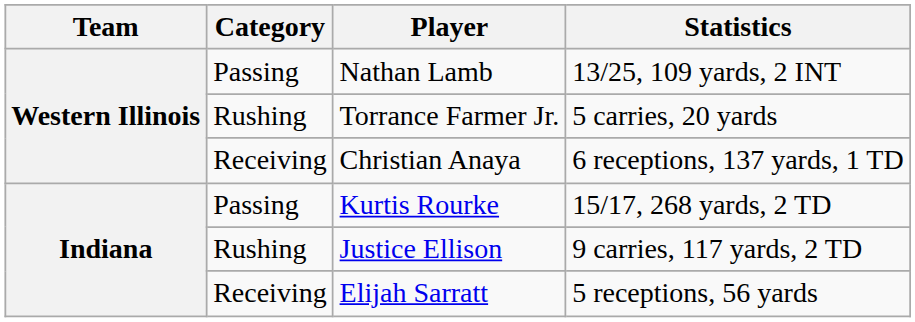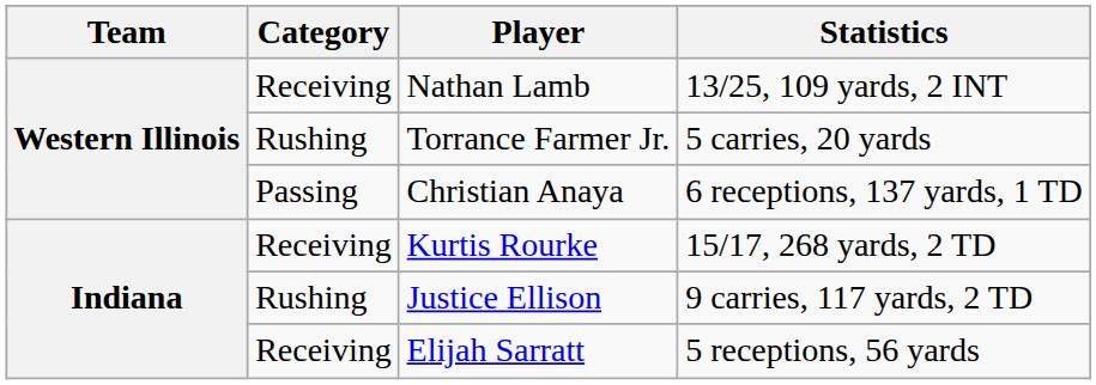 <table class="wikitable" style="float:right">
 <tr>
 <th>Team</th>
 <th>Category</th>
 <th>Player</th>
 <th>Statistics</th>
 </tr>
 <tr>
 <th rowspan=3>Western Illinois</th>
-<td>Passing</td>
+<td>Receiving</td>
 <td>Nathan Lamb</td>
 <td>13/25, 109 yards, 2 INT</td>
 </tr>
 <tr>
 <td>Rushing</td>
 <td>Torrance Farmer Jr.</td>
 <td>5 carries, 20 yards</td>
 </tr>
 <tr>
-<td>Receiving</td>
+<td>Passing</td>
 <td>Christian Anaya</td>
 <td>6 receptions, 137 yards, 1 TD</td>
 </tr>
 <tr>
 <th rowspan=3>Indiana</th>
-<td>Passing</td>
+<td>Receiving</td>
 <td><a href='#'>Kurtis Rourke</a></td>
 <td>15/17, 268 yards, 2 TD</td>
 </tr>
 <tr>
 <td>Rushing</td>
 <td><a href='#'>Justice Ellison</a></td>
 <td>9 carries, 117 yards, 2 TD</td>
 </tr>
 <tr>
 <td>Receiving</td>
 <td><a href='#'>Elijah Sarratt</a></td>
 <td>5 receptions, 56 yards</td>
 </tr>
 </table>
